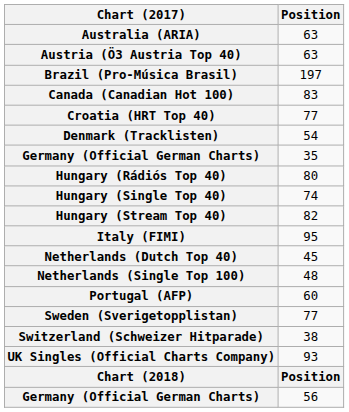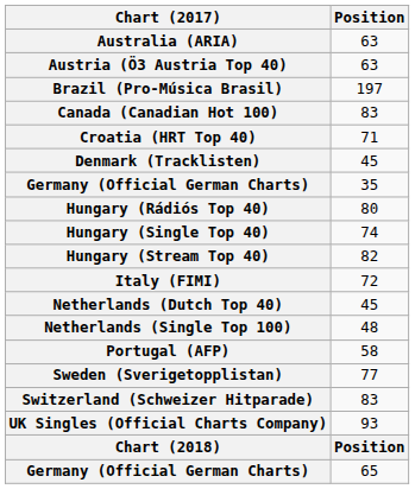 <table class="wikitable plainrowheaders sortable" style="text-align:center">
 <tr>
 <th scope="col">Chart (2017)</th>
 <th scope="col">Position</th>
 </tr>
 <tr>
 <th scope="row">Australia (ARIA)</th>
 <td>63</td>
 </tr>
 <tr>
 <th scope="row">Austria (Ö3 Austria Top 40)</th>
 <td>63</td>
 </tr>
 <tr>
 <th scope="row">Brazil (Pro-Música Brasil)</th>
 <td>197</td>
 </tr>
 <tr>
 <th scope="row">Canada (Canadian Hot 100)</th>
 <td>83</td>
 </tr>
 <tr>
 <th scope="row">Croatia (HRT Top 40)</th>
-<td>77</td>
+<td>71</td>
 </tr>
 <tr>
 <th scope="row">Denmark (Tracklisten)</th>
-<td>54</td>
+<td>45</td>
 </tr>
 <tr>
 <th scope="row">Germany (Official German Charts)</th>
 <td>35</td>
 </tr>
 <tr>
 <th scope="row">Hungary (Rádiós Top 40)</th>
 <td>80</td>
 </tr>
 <tr>
 <th scope="row">Hungary (Single Top 40)</th>
 <td>74</td>
 </tr>
 <tr>
 <th scope="row">Hungary (Stream Top 40)</th>
 <td>82</td>
 </tr>
 <tr>
 <th scope="row">Italy (FIMI)</th>
-<td>95</td>
+<td>72</td>
 </tr>
 <tr>
 <th scope="row">Netherlands (Dutch Top 40)</th>
 <td>45</td>
 </tr>
 <tr>
 <th scope="row">Netherlands (Single Top 100)</th>
 <td>48</td>
 </tr>
 <tr>
 <th scope="row">Portugal (AFP)</th>
-<td>60</td>
+<td>58</td>
 </tr>
 <tr>
 <th scope="row">Sweden (Sverigetopplistan)</th>
 <td>77</td>
 </tr>
 <tr>
 <th scope="row">Switzerland (Schweizer Hitparade)</th>
-<td>38</td>
+<td>83</td>
 </tr>
 <tr>
 <th scope="row">UK Singles (Official Charts Company)</th>
 <td>93</td>
 </tr>
 <tr>
 <th scope="col">Chart (2018)</th>
 <th scope="col">Position</th>
 </tr>
 <tr>
 <th scope="row">Germany (Official German Charts)</th>
-<td>56</td>
+<td>65</td>
 </tr>
 </table>
